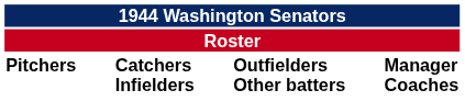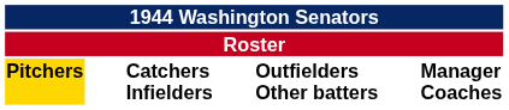 <table class="toccolours" style="font-size: 95%;">
 <tr>
 <th colspan="10" style="background-color: #072764; color: white; text-align: center;">1944 Washington Senators</th>
 </tr>
 <tr>
 <td colspan="10" style="background-color: #c6011f; color: white; text-align: center;"><strong>Roster</strong></td>
 </tr>
 <tr>
-<td valign="top"><strong>Pitchers</strong><br>             </td>
+<td valign="top" style="background: gold;"><strong>Pitchers</strong><br>             </td>
 <td width="25px"></td>
 <td valign="top"><strong>Catchers</strong><br>   <strong>Infielders</strong>           </td>
 <td width="25px"></td>
 <td valign="top"><strong>Outfielders</strong><br>        <strong>Other batters</strong> </td>
 <td width="25px"></td>
 <td valign="top"><strong>Manager</strong><br> <strong>Coaches</strong>    </td>
 </tr>
 <tr>
 </tr>
 </table>
